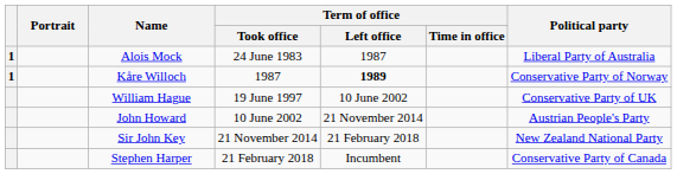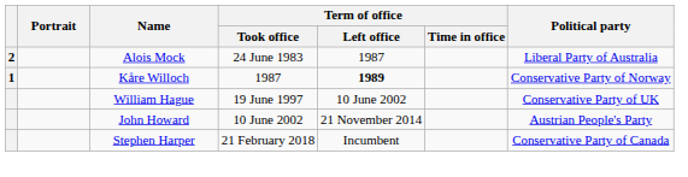 <table class="wikitable" style="text-align:center">
 <tr>
 <th rowspan="2"></th>
 <th rowspan="2" style="width:80px;">Portrait</th>
 <th rowspan="2" width="150">Name<br></th>
 <th colspan="3">Term of office</th>
 <th rowspan="2">Political party</th>
 </tr>
 <tr>
 <th>Took office</th>
 <th>Left office</th>
 <th>Time in office</th>
 </tr>
 <tr>
-<th style="background-color:">1</th>
+<th style="background-color:">2</th>
 <td></td>
 <td><a href='#'>Alois Mock</a><br></td>
 <td>24 June 1983</td>
 <td>1987</td>
 <td></td>
 <td><a href='#'>Liberal Party of Australia</a></td>
 </tr>
 <tr>
 <th style="background-color:">1</th>
 <td></td>
 <td><a href='#'>Kåre Willoch</a><br></td>
 <td>1987</td>
 <td><strong>1989</strong></td>
 <td></td>
 <td><a href='#'>Conservative Party of Norway</a></td>
 </tr>
 <tr>
 <th style="background-color:"></th>
 <td></td>
 <td><a href='#'>William Hague</a><br></td>
 <td>19 June 1997</td>
 <td>10 June 2002</td>
 <td></td>
 <td><a href='#'>Conservative Party of UK</a></td>
 </tr>
 <tr>
 <th style="background-color:"></th>
 <td></td>
 <td><a href='#'>John Howard</a><br></td>
 <td>10 June 2002</td>
 <td>21 November 2014</td>
 <td></td>
 <td><a href='#'>Austrian People's Party</a></td>
 </tr>
 <tr>
 <th style="background-color:"></th>
 <td></td>
-<td><a href='#'>Sir John Key</a><br></td>
-<td>21 November 2014</td>
-<td>21 February 2018</td>
-<td></td>
-<td><a href='#'>New Zealand National Party</a></td>
-</tr>
-<tr>
-<th style="background-color:"></th>
-<td></td>
 <td><a href='#'>Stephen Harper</a><br></td>
 <td>21 February 2018</td>
 <td>Incumbent</td>
 <td></td>
 <td><a href='#'>Conservative Party of Canada</a></td>
 </tr>
 </table>
